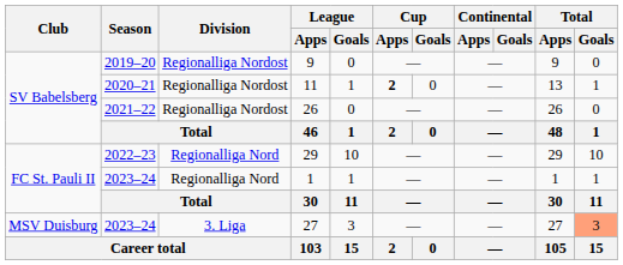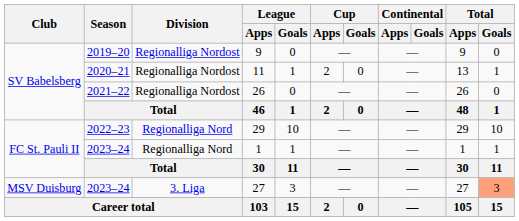 <table class="wikitable" style="text-align:center">
 <tr>
 <th rowspan="2">Club</th>
 <th rowspan="2">Season</th>
 <th rowspan="2">Division</th>
 <th colspan="2">League</th>
 <th colspan="2">Cup</th>
 <th colspan="2">Continental</th>
 <th colspan="2">Total</th>
 </tr>
 <tr>
 <th>Apps</th>
 <th>Goals</th>
 <th>Apps</th>
 <th>Goals</th>
 <th>Apps</th>
 <th>Goals</th>
 <th>Apps</th>
 <th>Goals</th>
 </tr>
 <tr>
 <td rowspan=4><a href='#'>SV Babelsberg</a></td>
 <td><a href='#'>2019–20</a></td>
 <td><a href='#'>Regionalliga Nordost</a></td>
 <td>9</td>
 <td>0</td>
 <td colspan="2">—</td>
 <td colspan="2">—</td>
 <td>9</td>
 <td>0</td>
 </tr>
 <tr>
 <td><a href='#'>2020–21</a></td>
 <td>Regionalliga Nordost</td>
 <td>11</td>
 <td>1</td>
-<td><strong>2</strong></td>
+<td>2</td>
 <td>0</td>
 <td colspan="2">—</td>
 <td>13</td>
 <td>1</td>
 </tr>
 <tr>
 <td><a href='#'>2021–22</a></td>
 <td>Regionalliga Nordost</td>
 <td>26</td>
 <td>0</td>
 <td colspan="2">—</td>
 <td colspan="2">—</td>
 <td>26</td>
 <td>0</td>
 </tr>
 <tr>
 <th colspan="2">Total</th>
 <th>46</th>
 <th>1</th>
 <th>2</th>
 <th>0</th>
 <th colspan="2">—</th>
 <th>48</th>
 <th>1</th>
 </tr>
 <tr>
 <td rowspan=3><a href='#'>FC St. Pauli II</a></td>
 <td><a href='#'>2022–23</a></td>
 <td><a href='#'>Regionalliga Nord</a></td>
 <td>29</td>
 <td>10</td>
 <td colspan="2">—</td>
 <td colspan="2">—</td>
 <td>29</td>
 <td>10</td>
 </tr>
 <tr>
 <td><a href='#'>2023–24</a></td>
 <td>Regionalliga Nord</td>
 <td>1</td>
 <td>1</td>
 <td colspan="2">—</td>
 <td colspan="2">—</td>
 <td>1</td>
 <td>1</td>
 </tr>
 <tr>
 <th colspan="2">Total</th>
 <th>30</th>
 <th>11</th>
 <th colspan="2">—</th>
 <th colspan="2">—</th>
 <th>30</th>
 <th>11</th>
 </tr>
 <tr>
 <td><a href='#'>MSV Duisburg</a></td>
 <td><a href='#'>2023–24</a></td>
 <td><a href='#'>3. Liga</a></td>
 <td>27</td>
 <td>3</td>
 <td colspan="2">—</td>
 <td colspan="2">—</td>
 <td>27</td>
 <td style="background: lightsalmon;">3</td>
 </tr>
 <tr>
 <th colspan="3">Career total</th>
 <th>103</th>
 <th>15</th>
 <th>2</th>
 <th>0</th>
 <th colspan="2">—</th>
 <th>105</th>
 <th>15</th>
 </tr>
 </table>
